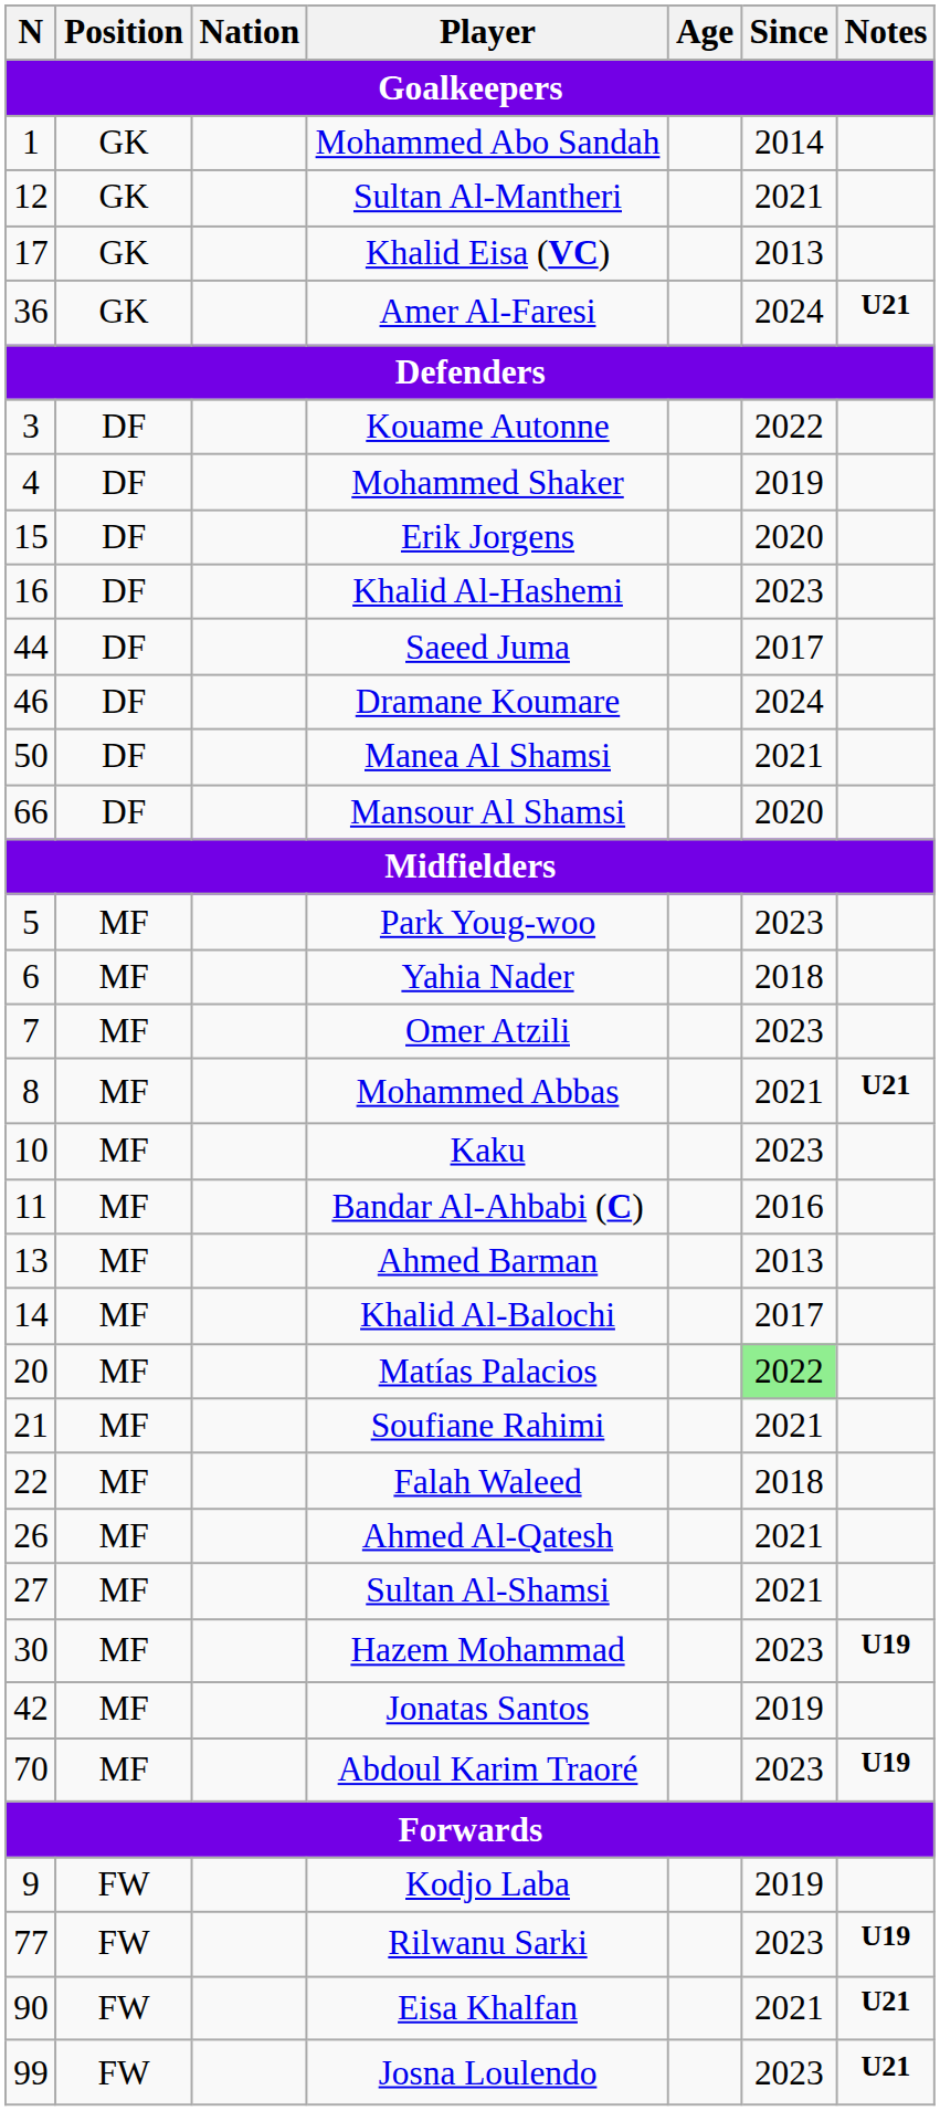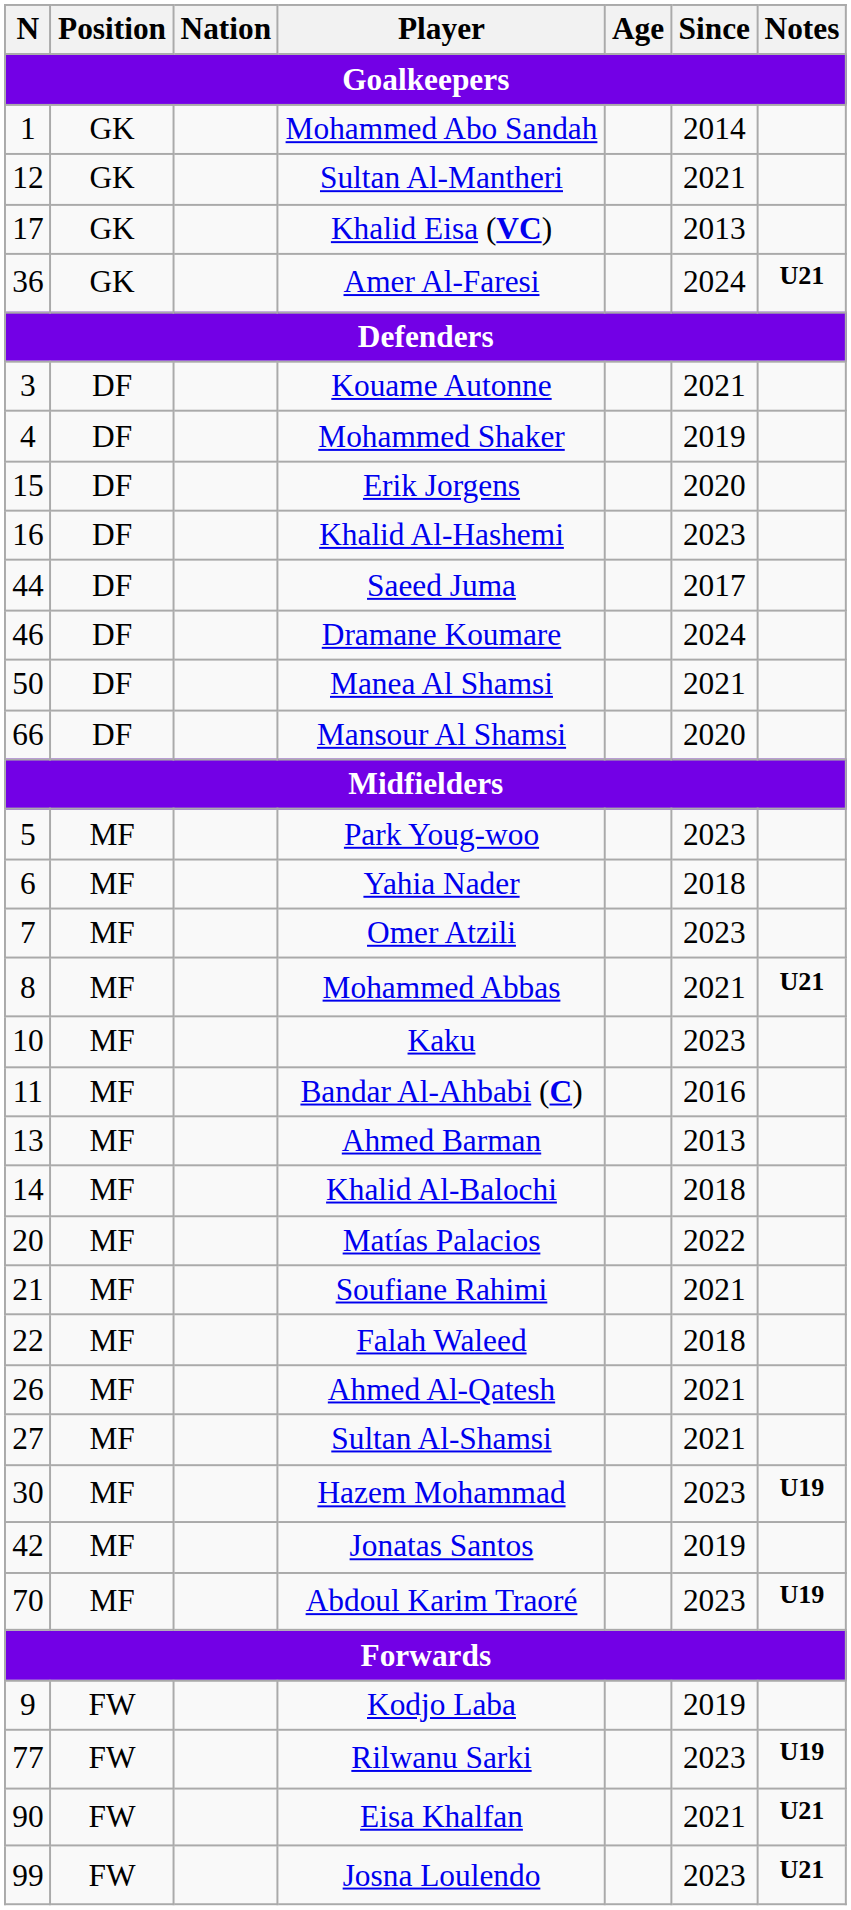 <table class="wikitable" style="text-align:center;">
 <tr>
 <th>N</th>
 <th>Position</th>
 <th>Nation</th>
 <th>Player</th>
 <th>Age</th>
 <th>Since</th>
 <th>Notes</th>
 </tr>
 <tr>
 <th colspan="12" style="background:#7300E6; color:#FFFFFF; ">Goalkeepers</th>
 </tr>
 <tr>
 <td align=center>1</td>
 <td align=center>GK</td>
 <td align=center></td>
 <td align=center><a href='#'>Mohammed Abo Sandah</a></td>
 <td align=center></td>
 <td align=center>2014</td>
 <td></td>
 </tr>
 <tr>
 <td align=center>12</td>
 <td align=center>GK</td>
 <td align=center></td>
 <td align=center><a href='#'>Sultan Al-Mantheri</a></td>
 <td align=center></td>
 <td align=center>2021</td>
 <td></td>
 </tr>
 <tr>
 <td align=center>17</td>
 <td align=center>GK</td>
 <td align=center></td>
 <td align=center><a href='#'>Khalid Eisa</a> (<strong><a href='#'>VC</a></strong>)</td>
 <td align=center></td>
 <td align=center>2013</td>
 <td></td>
 </tr>
 <tr>
 <td align=center>36</td>
 <td align=center>GK</td>
 <td align=center></td>
 <td align=center><a href='#'>Amer Al-Faresi</a></td>
 <td align=center></td>
 <td align=center>2024</td>
 <td><sup><strong>U21</strong></sup></td>
 </tr>
 <tr>
 <th colspan="12" style="background:#7300E6; color:#FFFFFF; ">Defenders</th>
 </tr>
 <tr>
 <td align=center>3</td>
 <td align=center>DF</td>
 <td align=center></td>
 <td align=center><a href='#'>Kouame Autonne</a></td>
 <td align=center></td>
-<td align=center>2022</td>
+<td align=center>2021</td>
 <td></td>
 </tr>
 <tr>
 <td align=center>4</td>
 <td align=center>DF</td>
 <td align=center></td>
 <td align=center><a href='#'>Mohammed Shaker</a></td>
 <td align=center></td>
 <td align=center>2019</td>
 <td></td>
 </tr>
 <tr>
 <td align=center>15</td>
 <td align=center>DF</td>
 <td align=center></td>
 <td align=center><a href='#'>Erik Jorgens</a></td>
 <td align=center></td>
 <td align=center>2020</td>
 <td></td>
 </tr>
 <tr>
 <td align=center>16</td>
 <td align=center>DF</td>
 <td align=center></td>
 <td align=center><a href='#'>Khalid Al-Hashemi</a></td>
 <td align=center></td>
 <td align=center>2023</td>
 <td></td>
 </tr>
 <tr>
 <td align=center>44</td>
 <td align=center>DF</td>
 <td align=center></td>
 <td align=center><a href='#'>Saeed Juma</a></td>
 <td align=center></td>
 <td align=center>2017</td>
 <td></td>
 </tr>
 <tr>
 <td align=center>46</td>
 <td align=center>DF</td>
 <td align=center></td>
 <td align=center><a href='#'>Dramane Koumare</a></td>
 <td align=center></td>
 <td align=center>2024</td>
 <td></td>
 </tr>
 <tr>
 <td align=center>50</td>
 <td align=center>DF</td>
 <td align=center></td>
 <td align=center><a href='#'>Manea Al Shamsi</a></td>
 <td align=center></td>
 <td align=center>2021</td>
 <td></td>
 </tr>
 <tr>
 <td align=center>66</td>
 <td align=center>DF</td>
 <td align=center></td>
 <td align=center><a href='#'>Mansour Al Shamsi</a></td>
 <td align=center></td>
 <td align=center>2020</td>
 <td></td>
 </tr>
 <tr>
 <th colspan="12" style="background:#7300E6; color:#FFFFFF; ">Midfielders</th>
 </tr>
 <tr>
 <td align=center>5</td>
 <td align=center>MF</td>
 <td align=center></td>
 <td align=center><a href='#'>Park Youg-woo</a></td>
 <td align=center></td>
 <td align=center>2023</td>
 <td></td>
 </tr>
 <tr>
 <td align=center>6</td>
 <td align=center>MF</td>
 <td align=center></td>
 <td align=center><a href='#'>Yahia Nader</a></td>
 <td align=center></td>
 <td align=center>2018</td>
 <td></td>
 </tr>
 <tr>
 <td align=center>7</td>
 <td align=center>MF</td>
 <td align=center></td>
 <td align=center><a href='#'>Omer Atzili</a></td>
 <td align=center></td>
 <td align=center>2023</td>
 <td></td>
 </tr>
 <tr>
 <td align=center>8</td>
 <td align=center>MF</td>
 <td align=center></td>
 <td align=center><a href='#'>Mohammed Abbas</a></td>
 <td align=center></td>
 <td align=center>2021</td>
 <td><sup><strong>U21</strong></sup></td>
 </tr>
 <tr>
 <td align=center>10</td>
 <td align=center>MF</td>
 <td align=center></td>
 <td align=center><a href='#'>Kaku</a></td>
 <td align=center></td>
 <td align=center>2023</td>
 <td></td>
 </tr>
 <tr>
 <td align=center>11</td>
 <td align=center>MF</td>
 <td align=center></td>
 <td align=center><a href='#'>Bandar Al-Ahbabi</a> (<strong><a href='#'>C</a></strong>)</td>
 <td align=center></td>
 <td align=center>2016</td>
 <td></td>
 </tr>
 <tr>
 <td align=center>13</td>
 <td align=center>MF</td>
 <td align=center></td>
 <td align=center><a href='#'>Ahmed Barman</a></td>
 <td align=center></td>
 <td align=center>2013</td>
 <td></td>
 </tr>
 <tr>
 <td align=center>14</td>
 <td align=center>MF</td>
 <td align=center></td>
 <td align=center><a href='#'>Khalid Al-Balochi</a></td>
 <td align=center></td>
-<td align=center>2017</td>
+<td align=center>2018</td>
 <td></td>
 </tr>
 <tr>
 <td align=center>20</td>
 <td align=center>MF</td>
 <td align=center></td>
 <td align=center><a href='#'>Matías Palacios</a></td>
 <td align=center></td>
-<td align=center style="background: lightgreen;">2022</td>
+<td align=center>2022</td>
 <td></td>
 </tr>
 <tr>
 <td align=center>21</td>
 <td align=center>MF</td>
 <td align=center></td>
 <td align=center><a href='#'>Soufiane Rahimi</a></td>
 <td align=center></td>
 <td align=center>2021</td>
 </tr>
 <tr>
 <td align=center>22</td>
 <td align=center>MF</td>
 <td align=center></td>
 <td align=center><a href='#'>Falah Waleed</a></td>
 <td align=center></td>
 <td align=center>2018</td>
 <td></td>
 </tr>
 <tr>
 <td align=center>26</td>
 <td align=center>MF</td>
 <td align=center></td>
 <td align=center><a href='#'>Ahmed Al-Qatesh</a></td>
 <td align=center></td>
 <td align=center>2021</td>
 <td></td>
 </tr>
 <tr>
 <td align=center>27</td>
 <td align=center>MF</td>
 <td align=center></td>
 <td align=center><a href='#'>Sultan Al-Shamsi</a></td>
 <td align=center></td>
 <td align=center>2021</td>
 <td></td>
 </tr>
 <tr>
 <td align=center>30</td>
 <td align=center>MF</td>
 <td align=center></td>
 <td align=center><a href='#'>Hazem Mohammad</a></td>
 <td align=center></td>
 <td align=center>2023</td>
 <td><sup><strong>U19</strong></sup></td>
 </tr>
 <tr>
 <td align=center>42</td>
 <td align=center>MF</td>
 <td align=center></td>
 <td align=center><a href='#'>Jonatas Santos</a></td>
 <td align=center></td>
 <td align=center>2019</td>
 <td></td>
 </tr>
 <tr>
 <td align=center>70</td>
 <td align=center>MF</td>
 <td align=center></td>
 <td align=center><a href='#'>Abdoul Karim Traoré</a></td>
 <td align=center></td>
 <td align=center>2023</td>
 <td><sup><strong>U19</strong></sup></td>
 </tr>
 <tr>
 <th colspan="12" style="background:#7300E6; color:#FFFFFF; ">Forwards</th>
 </tr>
 <tr>
 <td align=center>9</td>
 <td align=center>FW</td>
 <td align=center></td>
 <td align=center><a href='#'>Kodjo Laba</a></td>
 <td align=center></td>
 <td align=center>2019</td>
 <td></td>
 </tr>
 <tr>
 <td align=center>77</td>
 <td align=center>FW</td>
 <td align=center></td>
 <td align=center><a href='#'>Rilwanu Sarki</a></td>
 <td align=center></td>
 <td align=center>2023</td>
 <td><sup><strong>U19</strong></sup></td>
 </tr>
 <tr>
 <td align=center>90</td>
 <td align=center>FW</td>
 <td align=center></td>
 <td align=center><a href='#'>Eisa Khalfan</a></td>
 <td align=center></td>
 <td align=center>2021</td>
 <td><sup><strong>U21</strong></sup></td>
 </tr>
 <tr>
 <td align=center>99</td>
 <td align=center>FW</td>
 <td align=center></td>
 <td align=center><a href='#'>Josna Loulendo</a></td>
 <td align=center></td>
 <td align=center>2023</td>
 <td><sup><strong>U21</strong></sup></td>
 </tr>
 </table>
